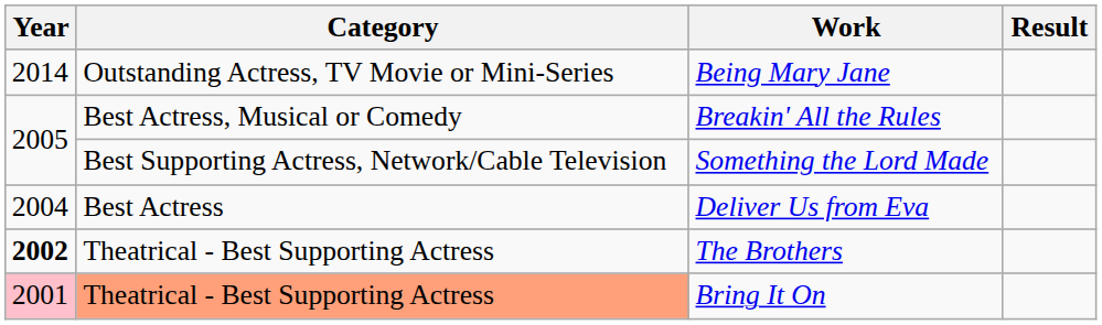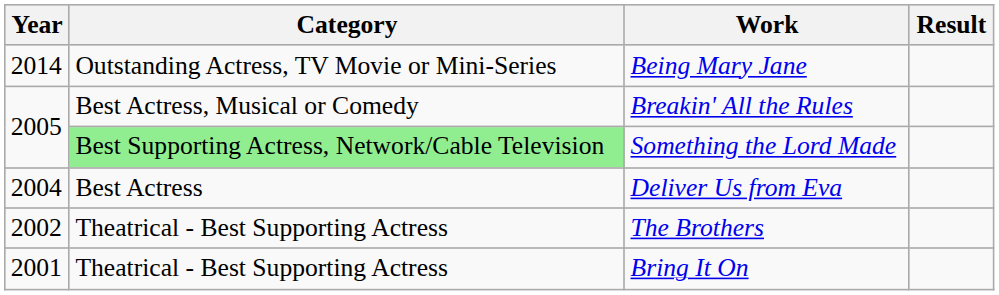 <table class="wikitable" width=70%>
 <tr>
 <th scope="col">Year</th>
 <th scope="col">Category</th>
 <th scope="col">Work</th>
 <th scope="col">Result</th>
 </tr>
 <tr>
 <td>2014</td>
 <td>Outstanding Actress, TV Movie or Mini-Series</td>
 <td><em><a href='#'>Being Mary Jane</a></em></td>
 <td></td>
 </tr>
 <tr>
 <td rowspan=2>2005</td>
 <td>Best Actress, Musical or Comedy</td>
 <td><em><a href='#'>Breakin' All the Rules</a></em></td>
 <td></td>
 </tr>
 <tr>
-<td>Best Supporting Actress, Network/Cable Television</td>
+<td style="background: lightgreen;">Best Supporting Actress, Network/Cable Television</td>
 <td><em><a href='#'>Something the Lord Made</a></em></td>
 <td></td>
 </tr>
 <tr>
 <td>2004</td>
 <td>Best Actress</td>
 <td><em><a href='#'>Deliver Us from Eva</a></em></td>
 <td></td>
 </tr>
 <tr>
-<td><strong>2002</strong></td>
+<td>2002</td>
 <td>Theatrical - Best Supporting Actress</td>
 <td><em><a href='#'>The Brothers</a></em></td>
 <td></td>
 </tr>
 <tr>
-<td style="background: pink;">2001</td>
-<td style="background: lightsalmon;">Theatrical - Best Supporting Actress</td>
+<td>2001</td>
+<td>Theatrical - Best Supporting Actress</td>
 <td><em><a href='#'>Bring It On</a></em></td>
 <td></td>
 </tr>
 </table>
